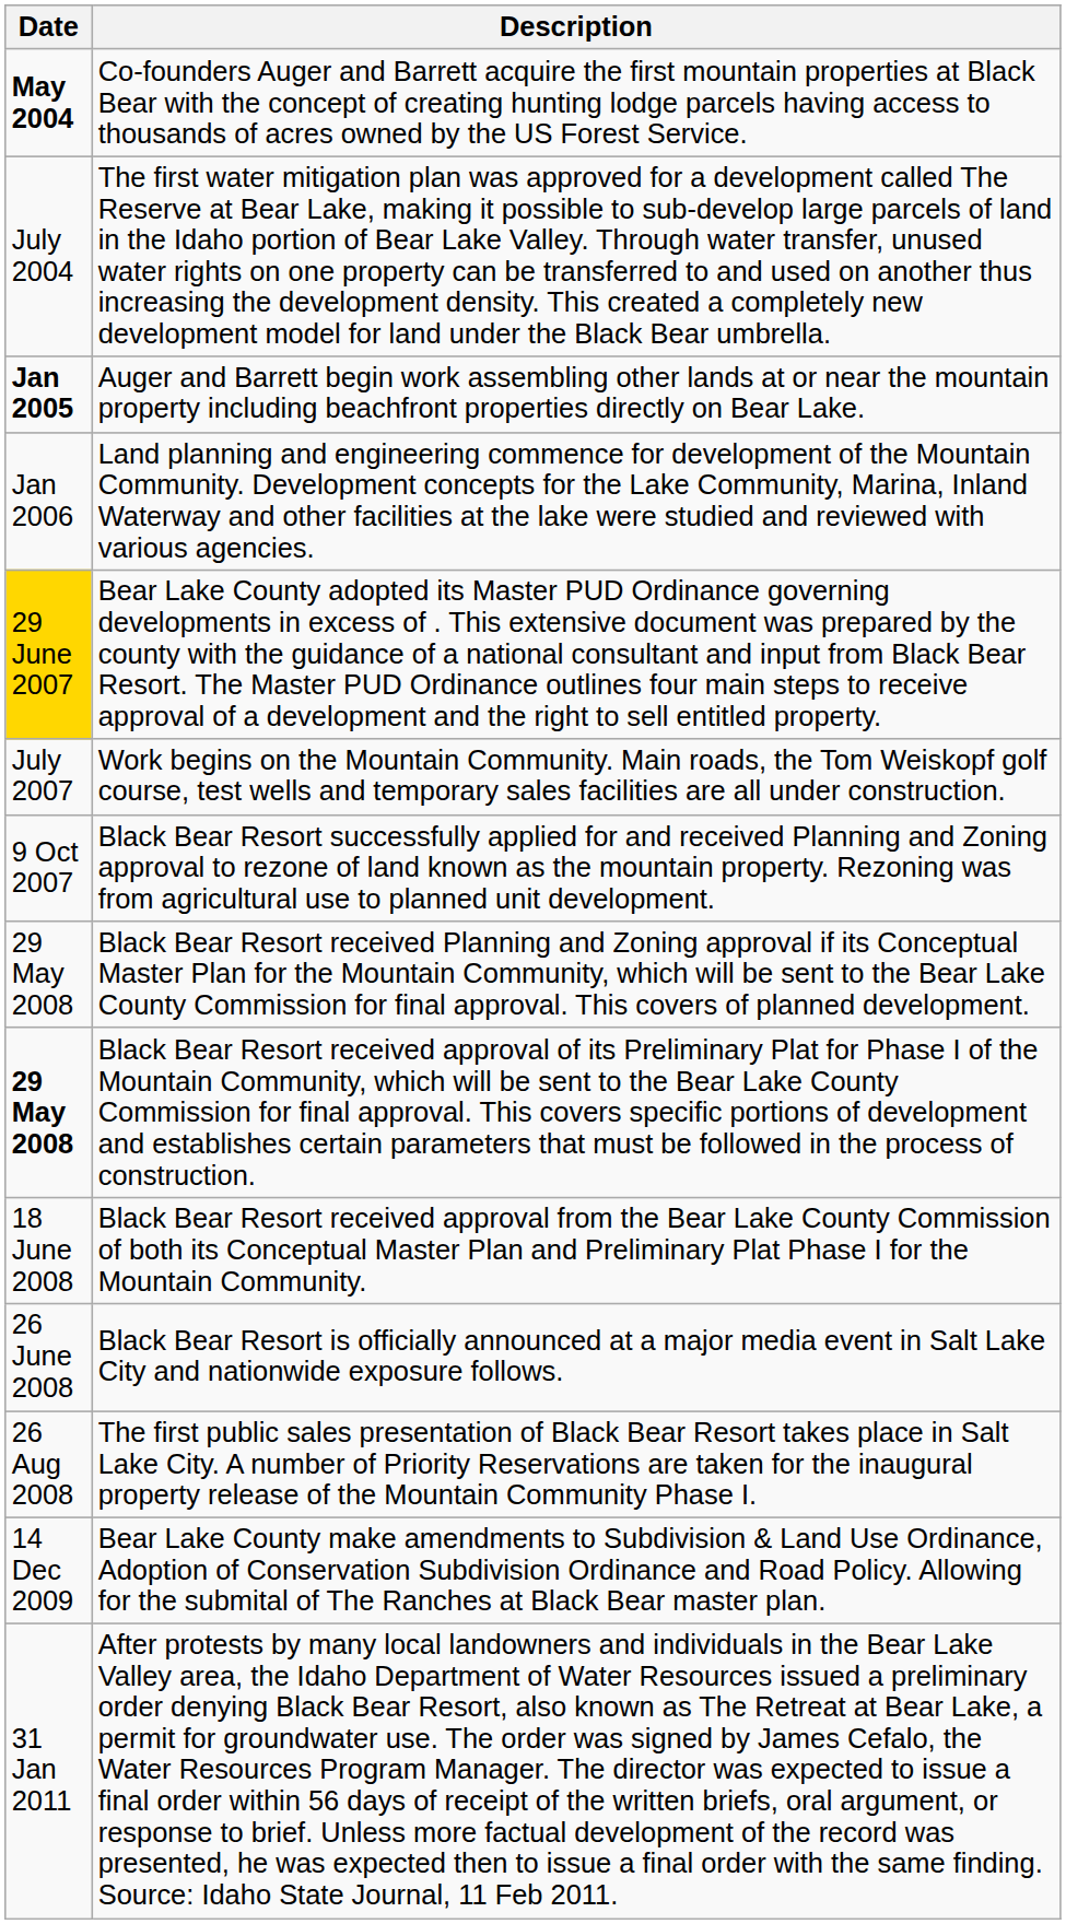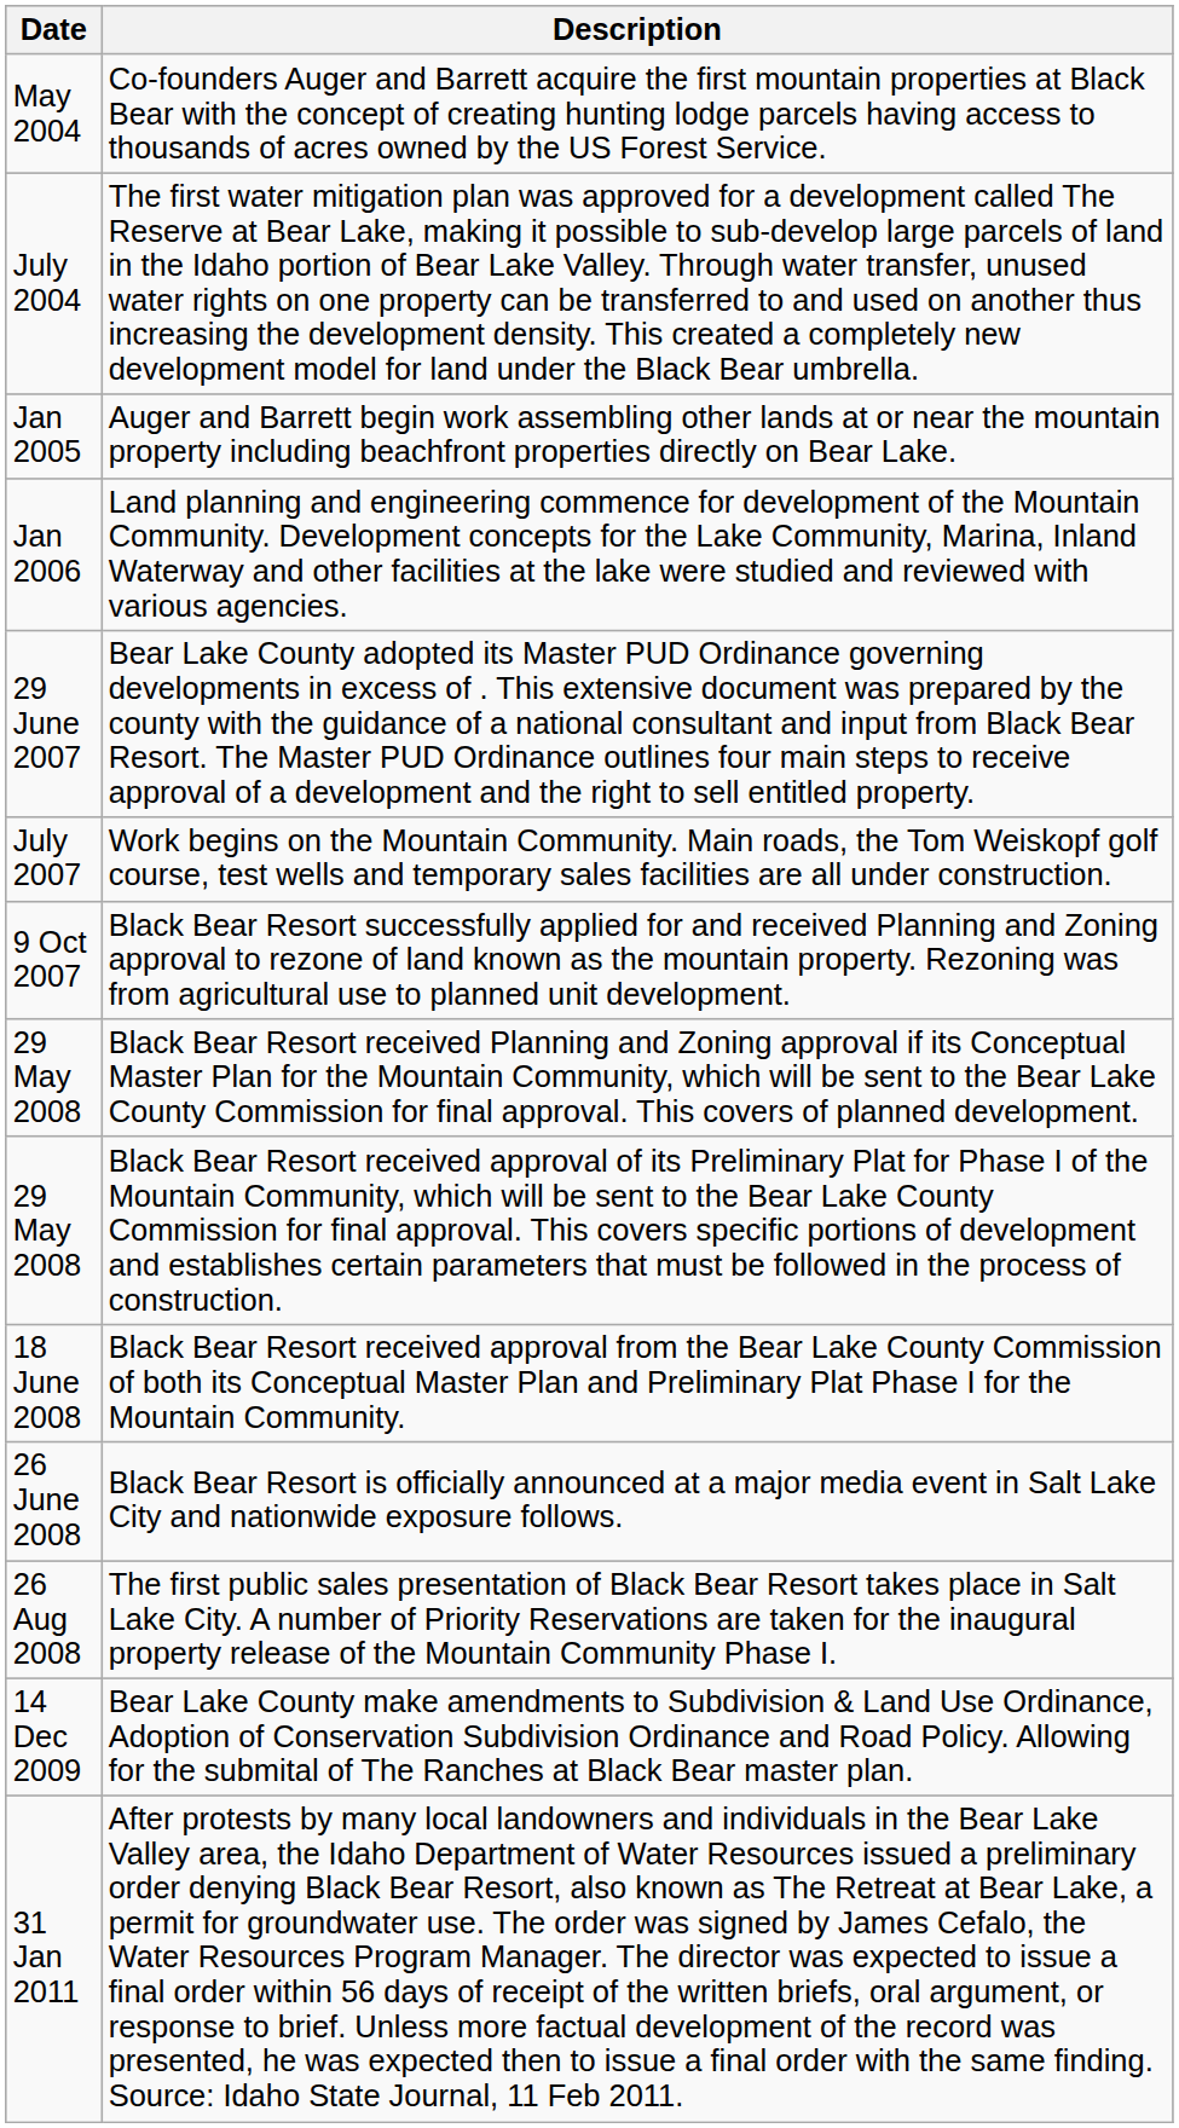 <table class="wikitable">
 <tr>
 <th>Date</th>
 <th>Description</th>
 </tr>
 <tr>
-<td><strong>May 2004</strong></td>
+<td>May 2004</td>
 <td>Co-founders Auger and Barrett acquire the first mountain properties at Black Bear with the concept of creating  hunting lodge parcels having access to thousands of acres owned by the US Forest Service.</td>
 </tr>
 <tr>
 <td>July 2004</td>
 <td>The first water mitigation plan was approved for a development called The Reserve at Bear Lake, making it possible to sub-develop large parcels of land in the Idaho portion of Bear Lake Valley.  Through water transfer, unused water rights on one property can be transferred to and used on another thus increasing the development density.  This created a completely new development model for land under the Black Bear umbrella.</td>
 </tr>
 <tr>
-<td><strong>Jan 2005</strong></td>
+<td>Jan 2005</td>
 <td>Auger and Barrett begin work assembling other lands at or near the mountain property including beachfront properties directly on Bear Lake.</td>
 </tr>
 <tr>
 <td>Jan 2006</td>
 <td>Land planning and engineering commence for development of the Mountain Community.  Development concepts for the Lake Community, Marina, Inland Waterway and other facilities at the lake were studied and reviewed with various agencies.</td>
 </tr>
 <tr>
-<td style="background: gold;">29 June 2007</td>
+<td>29 June 2007</td>
 <td>Bear Lake County adopted its Master PUD Ordinance governing developments in excess of .  This extensive document was prepared by the county with the guidance of a national consultant and input from Black Bear Resort.  The Master PUD Ordinance outlines four main steps to receive approval of a development and the right to sell entitled property.</td>
 </tr>
 <tr>
 <td>July 2007</td>
 <td>Work begins on the Mountain Community.  Main roads, the Tom Weiskopf golf course, test wells and temporary sales facilities are all under construction.</td>
 </tr>
 <tr>
 <td>9 Oct 2007</td>
 <td>Black Bear Resort successfully applied for and received Planning and Zoning approval to rezone  of land known as the mountain property.  Rezoning was from agricultural use to planned unit development.</td>
 </tr>
 <tr>
 <td>29 May 2008</td>
 <td>Black Bear Resort received Planning and Zoning approval if its Conceptual Master Plan for the Mountain Community, which will be sent to the Bear Lake County Commission for final approval.  This covers  of planned development.</td>
 </tr>
 <tr>
-<td><strong>29 May 2008</strong></td>
+<td>29 May 2008</td>
 <td>Black Bear Resort received approval of its Preliminary Plat for Phase I of the Mountain Community, which will be sent to the Bear Lake County Commission for final approval.  This covers specific portions of development and establishes certain parameters that must be followed in the process of construction.</td>
 </tr>
 <tr>
 <td>18 June 2008</td>
 <td>Black Bear Resort received approval from the Bear Lake County Commission of both its Conceptual Master Plan and Preliminary Plat Phase I for the Mountain Community.</td>
 </tr>
 <tr>
 <td>26 June 2008</td>
 <td>Black Bear Resort is officially announced at a major media event in Salt Lake City and nationwide exposure follows.</td>
 </tr>
 <tr>
 <td>26 Aug 2008</td>
 <td>The first public sales presentation of Black Bear Resort takes place in Salt Lake City.  A number of Priority Reservations are taken for the inaugural property release of the Mountain Community Phase I.</td>
 </tr>
 <tr>
 <td>14 Dec 2009</td>
 <td>Bear Lake County make amendments to Subdivision & Land Use Ordinance, Adoption of Conservation Subdivision Ordinance and Road Policy. Allowing for the submital of The Ranches at Black Bear master plan.</td>
 </tr>
 <tr>
 <td>31 Jan 2011</td>
 <td>After protests by many local landowners and individuals in the Bear Lake Valley area, the Idaho Department of Water Resources issued a preliminary order denying Black Bear Resort, also known as The Retreat at Bear Lake, a permit for groundwater use.  The order was signed by James Cefalo, the Water Resources Program Manager.  The director was expected to issue a final order within 56 days of receipt of the written briefs, oral argument, or response to brief. Unless more factual development of the record was presented, he was expected then to issue a final order with the same finding.<br>Source: Idaho State Journal, 11 Feb 2011.</td>
 </tr>
 </table>
